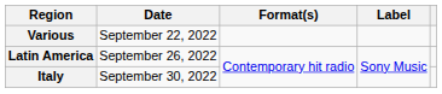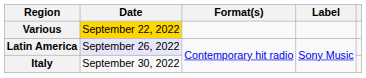 <table class="wikitable plainrowheaders" border="1">
 <tr>
 <th scope="col">Region</th>
 <th scope="col">Date</th>
 <th scope="col">Format(s)</th>
 <th scope="col">Label</th>
 <th scope="col"></th>
 </tr>
 <tr>
 <th scope="row">Various</th>
-<td>September 22, 2022</td>
+<td style="background: gold;">September 22, 2022</td>
 <td></td>
 <td></td>
 <td style="text-align:center;"></td>
 </tr>
 <tr>
 <th scope="row">Latin America</th>
-<td>September 26, 2022</td>
+<td style="background: lavender;">September 26, 2022</td>
 <td rowspan="2"><a href='#'>Contemporary hit radio</a></td>
 <td rowspan="2"><a href='#'>Sony Music</a></td>
 <td style="text-align:center;"></td>
 </tr>
 <tr>
 <th scope="row">Italy</th>
 <td>September 30, 2022</td>
 <td style="text-align:center;"></td>
 </tr>
 </table>
